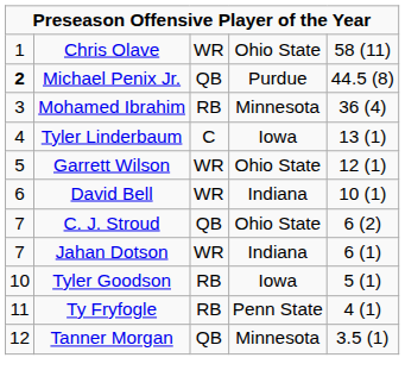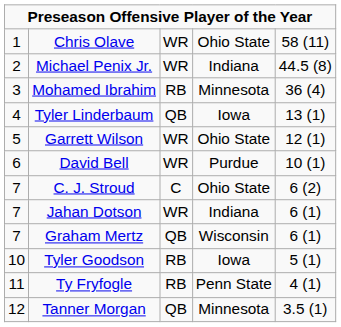 <table class="wikitable" style="display: inline-table;">
 <tr align="center">
 <td align="center" Colspan="5"><strong>Preseason Offensive Player of the Year</strong><br></td>
 </tr>
 <tr align="center">
 <td>1</td>
 <td><a href='#'>Chris Olave</a></td>
 <td>WR</td>
 <td>Ohio State</td>
 <td>58 (11)</td>
 </tr>
 <tr align="center">
-<td><strong>2</strong></td>
+<td>2</td>
 <td><a href='#'>Michael Penix Jr.</a></td>
-<td>QB</td>
-<td>Purdue</td>
+<td>WR</td>
+<td>Indiana</td>
 <td>44.5 (8)</td>
 </tr>
 <tr align="center">
 <td>3</td>
 <td><a href='#'>Mohamed Ibrahim</a></td>
 <td>RB</td>
 <td>Minnesota</td>
 <td>36 (4)</td>
 </tr>
 <tr align="center">
 <td>4</td>
 <td><a href='#'>Tyler Linderbaum</a></td>
-<td>C</td>
+<td>QB</td>
 <td>Iowa</td>
 <td>13 (1)</td>
 </tr>
 <tr align="center">
 <td>5</td>
 <td><a href='#'>Garrett Wilson</a></td>
 <td>WR</td>
 <td>Ohio State</td>
 <td>12 (1)</td>
 </tr>
 <tr align="center">
 <td>6</td>
 <td><a href='#'>David Bell</a></td>
 <td>WR</td>
-<td>Indiana</td>
+<td>Purdue</td>
 <td>10 (1)</td>
 </tr>
 <tr align="center">
 <td>7</td>
 <td><a href='#'>C. J. Stroud</a></td>
-<td>QB</td>
+<td>C</td>
 <td>Ohio State</td>
 <td>6 (2)</td>
 </tr>
 <tr align="center">
 <td>7</td>
 <td><a href='#'>Jahan Dotson</a></td>
 <td>WR</td>
 <td>Indiana</td>
+<td>6 (1)</td>
+</tr>
+<tr align="center">
+<td>7</td>
+<td><a href='#'>Graham Mertz</a></td>
+<td>QB</td>
+<td>Wisconsin</td>
 <td>6 (1)</td>
 </tr>
 <tr align="center">
 <td>10</td>
 <td><a href='#'>Tyler Goodson</a></td>
 <td>RB</td>
 <td>Iowa</td>
 <td>5 (1)</td>
 </tr>
 <tr align="center">
 <td>11</td>
 <td><a href='#'>Ty Fryfogle</a></td>
 <td>RB</td>
 <td>Penn State</td>
 <td>4 (1)</td>
 </tr>
 <tr align="center">
 <td>12</td>
 <td><a href='#'>Tanner Morgan</a></td>
 <td>QB</td>
 <td>Minnesota</td>
 <td>3.5 (1)</td>
 </tr>
 </table>
